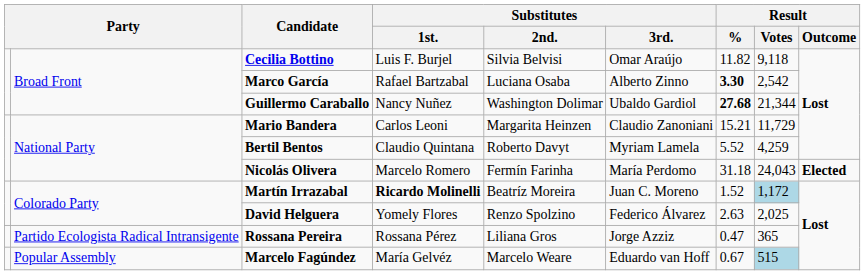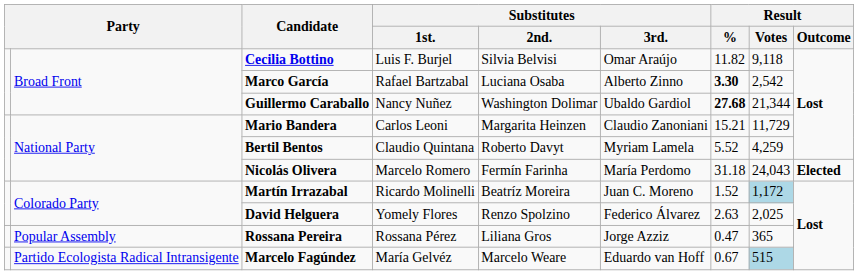 <table class="wikitable">
 <tr>
 <th colspan="2" rowspan="2">Party</th>
 <th rowspan="2">Candidate</th>
 <th colspan="3">Substitutes</th>
 <th colspan="3">Result</th>
 </tr>
 <tr>
 <th>1st.</th>
 <th>2nd.</th>
 <th>3rd.</th>
 <th>%</th>
 <th>Votes</th>
 <th>Outcome</th>
 </tr>
 <tr>
 <td rowspan="3" style="background:"></td>
 <td rowspan="3"><a href='#'>Broad Front</a></td>
 <td><strong><a href='#'>Cecilia Bottino</a></strong></td>
 <td>Luis F. Burjel</td>
 <td>Silvia Belvisi</td>
 <td>Omar Araújo</td>
 <td>11.82</td>
 <td>9,118</td>
 <td rowspan="5"><strong>Lost</strong> </td>
 </tr>
 <tr>
 <td><strong>Marco García</strong></td>
 <td>Rafael Bartzabal</td>
 <td>Luciana Osaba</td>
 <td>Alberto Zinno</td>
 <td><strong>3.30</strong></td>
 <td>2,542</td>
 </tr>
 <tr>
 <td><strong>Guillermo Caraballo</strong></td>
 <td>Nancy Nuñez</td>
 <td>Washington Dolimar</td>
 <td>Ubaldo Gardiol</td>
 <td><strong>27.68</strong></td>
 <td>21,344</td>
 </tr>
 <tr>
 <td rowspan="3" style="background:"></td>
 <td rowspan="3"><a href='#'>National Party</a></td>
 <td><strong>Mario Bandera</strong></td>
 <td>Carlos Leoni</td>
 <td>Margarita Heinzen</td>
 <td>Claudio Zanoniani</td>
 <td>15.21</td>
 <td>11,729</td>
 </tr>
 <tr>
 <td><strong>Bertil Bentos</strong></td>
 <td>Claudio Quintana</td>
 <td>Roberto Davyt</td>
 <td>Myriam Lamela</td>
 <td>5.52</td>
 <td>4,259</td>
 </tr>
 <tr>
 <td><strong>Nicolás Olivera</strong></td>
 <td>Marcelo Romero</td>
 <td>Fermín Farinha</td>
 <td>María Perdomo</td>
 <td>31.18</td>
 <td>24,043</td>
 <td><strong>Elected</strong> </td>
 </tr>
 <tr>
 <td rowspan="2" style="background:"></td>
 <td rowspan="2"><a href='#'>Colorado Party</a></td>
 <td><strong>Martín Irrazabal</strong></td>
-<td><strong>Ricardo Molinelli</strong></td>
+<td>Ricardo Molinelli</td>
 <td>Beatríz Moreira</td>
 <td>Juan C. Moreno</td>
 <td>1.52</td>
 <td style="background: lightblue;">1,172</td>
 <td rowspan="4"><strong>Lost</strong> </td>
 </tr>
 <tr>
 <td><strong>David Helguera</strong></td>
 <td>Yomely Flores</td>
 <td>Renzo Spolzino</td>
 <td>Federico Álvarez</td>
 <td>2.63</td>
 <td>2,025</td>
 </tr>
 <tr>
 <td style="background:"></td>
-<td><a href='#'>Partido Ecologista Radical Intransigente</a></td>
+<td><a href='#'>Popular Assembly</a></td>
 <td><strong>Rossana Pereira</strong></td>
 <td>Rossana Pérez</td>
 <td>Liliana Gros</td>
 <td>Jorge Azziz</td>
 <td>0.47</td>
 <td>365</td>
 </tr>
 <tr>
 <td style="background:"></td>
-<td><a href='#'>Popular Assembly</a></td>
+<td><a href='#'>Partido Ecologista Radical Intransigente</a></td>
 <td><strong>Marcelo Fagúndez</strong></td>
 <td>María Gelvéz</td>
 <td>Marcelo Weare</td>
 <td>Eduardo van Hoff</td>
 <td>0.67</td>
 <td style="background: lightblue;">515</td>
 </tr>
 </table>
